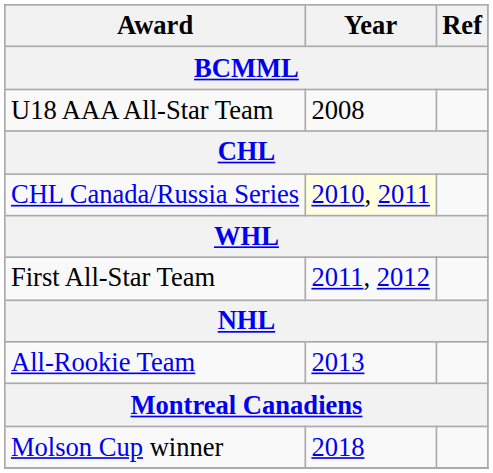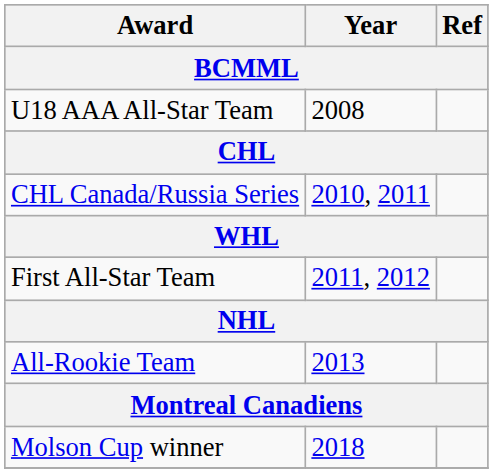 <table class="wikitable">
 <tr>
 <th>Award</th>
 <th>Year</th>
 <th>Ref</th>
 </tr>
 <tr>
 <th colspan="3"><a href='#'>BCMML</a></th>
 </tr>
 <tr>
 <td>U18 AAA All-Star Team</td>
 <td>2008</td>
 <td></td>
 </tr>
 <tr>
 <th colspan="3"><a href='#'>CHL</a></th>
 </tr>
 <tr>
 <td><a href='#'>CHL Canada/Russia Series</a></td>
-<td style="background: lightyellow;"><a href='#'>2010</a>, <a href='#'>2011</a></td>
+<td><a href='#'>2010</a>, <a href='#'>2011</a></td>
 <td></td>
 </tr>
 <tr>
 <th colspan="3"><a href='#'>WHL</a></th>
 </tr>
 <tr>
 <td>First All-Star Team</td>
 <td><a href='#'>2011</a>, <a href='#'>2012</a></td>
 <td></td>
 </tr>
 <tr>
 <th colspan="3"><a href='#'>NHL</a></th>
 </tr>
 <tr>
 <td><a href='#'>All-Rookie Team</a></td>
 <td><a href='#'>2013</a></td>
 <td></td>
 </tr>
 <tr>
 <th colspan="3"><a href='#'>Montreal Canadiens</a></th>
 </tr>
 <tr>
 <td><a href='#'>Molson Cup</a> winner</td>
 <td><a href='#'>2018</a></td>
 <td></td>
 </tr>
 <tr>
 </tr>
 </table>
